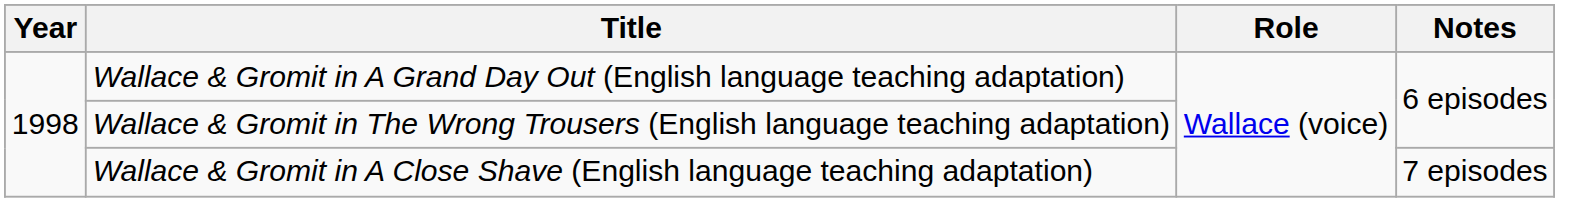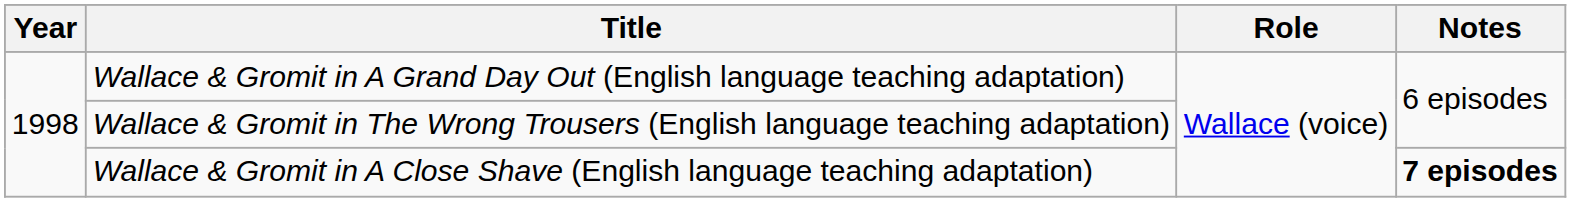 <table class="wikitable">
 <tr>
 <th>Year</th>
 <th>Title</th>
 <th>Role</th>
 <th>Notes</th>
 </tr>
 <tr>
 <td rowspan="3">1998</td>
 <td><em>Wallace & Gromit in A Grand Day Out</em> (English language teaching adaptation)</td>
 <td rowspan="3"><a href='#'>Wallace</a> (voice)</td>
 <td rowspan="2">6 episodes</td>
 </tr>
 <tr>
 <td><em>Wallace & Gromit in The Wrong Trousers</em> (English language teaching adaptation)</td>
 </tr>
 <tr>
 <td><em>Wallace & Gromit in A Close Shave</em> (English language teaching adaptation)</td>
-<td>7 episodes</td>
+<td><strong>7 episodes</strong></td>
 </tr>
 </table>
